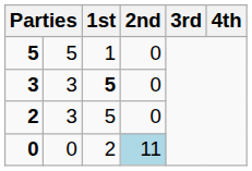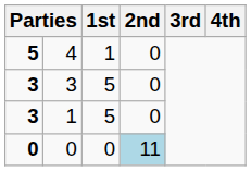 <table class="wikitable" style="text-align:right;">
 <tr>
 <th colspan=2 style="text-align:left;">Parties</th>
 <th>1st</th>
 <th>2nd</th>
 <th>3rd</th>
 <th>4th</th>
 </tr>
 <tr>
 <td><strong>5</strong></td>
-<td>5</td>
+<td>4</td>
 <td>1</td>
 <td>0</td>
 </tr>
 <tr>
 <td><strong>3</strong></td>
 <td>3</td>
-<td><strong>5</strong></td>
+<td>5</td>
 <td>0</td>
 </tr>
 <tr>
-<td><strong>2</strong></td>
-<td>3</td>
+<td><strong>3</strong></td>
+<td>1</td>
 <td>5</td>
 <td>0</td>
 </tr>
 <tr>
 <td><strong>0</strong></td>
 <td>0</td>
-<td>2</td>
+<td>0</td>
 <td style="background: lightblue;">11</td>
 </tr>
 </table>
